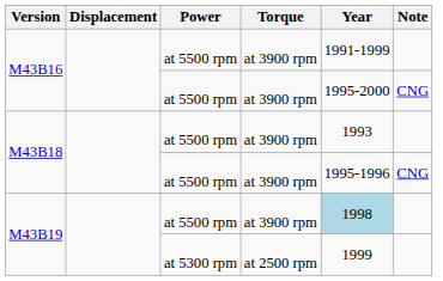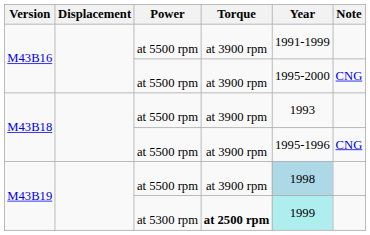 <table class="wikitable sortable" style="text-align: center;">
 <tr style="vertical-align:middle;">
 <th>Version</th>
 <th>Displacement</th>
 <th>Power</th>
 <th>Torque</th>
 <th>Year</th>
 <th>Note</th>
 </tr>
 <tr>
 <td rowspan=2><a href='#'>M43B16</a></td>
 <td rowspan=2></td>
 <td> <br> at 5500 rpm</td>
 <td> <br> at 3900 rpm</td>
 <td>1991-1999</td>
 <td></td>
 </tr>
 <tr>
 <td> <br> at 5500 rpm</td>
 <td> <br> at 3900 rpm</td>
 <td>1995-2000</td>
 <td><a href='#'>CNG</a></td>
 </tr>
 <tr>
 <td rowspan=2><a href='#'>M43B18</a></td>
 <td rowspan=2></td>
 <td> <br> at 5500 rpm</td>
 <td> <br> at 3900 rpm</td>
 <td>1993</td>
 <td></td>
 </tr>
 <tr>
 <td> <br> at 5500 rpm</td>
 <td> <br> at 3900 rpm</td>
 <td>1995-1996</td>
 <td><a href='#'>CNG</a></td>
 </tr>
 <tr>
 <td rowspan=2><a href='#'>M43B19</a></td>
 <td rowspan=2></td>
 <td> <br> at 5500 rpm</td>
 <td> <br> at 3900 rpm</td>
 <td style="background: lightblue;">1998</td>
 <td></td>
 </tr>
 <tr>
 <td> <br> at 5300 rpm</td>
-<td> <br> at 2500 rpm</td>
-<td>1999</td>
+<td><strong> <br> at 2500 rpm</strong></td>
+<td style="background: paleturquoise;">1999</td>
 <td></td>
 </tr>
 </table>
